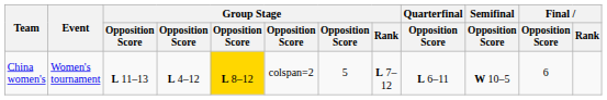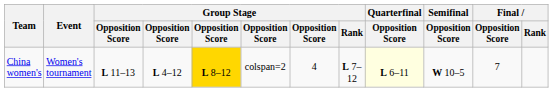 <table class="wikitable" style="font-size:90%">
 <tr>
 <th rowspan=2>Team</th>
 <th rowspan=2>Event</th>
 <th colspan=6>Group Stage</th>
 <th>Quarterfinal</th>
 <th>Semifinal</th>
 <th colspan=2>Final / </th>
 </tr>
 <tr style="font-size:95%">
 <th>Opposition<br>Score</th>
 <th>Opposition<br>Score</th>
 <th>Opposition<br>Score</th>
 <th>Opposition<br>Score</th>
 <th>Opposition<br>Score</th>
 <th>Rank</th>
 <th>Opposition<br>Score</th>
 <th>Opposition<br>Score</th>
 <th>Opposition<br>Score</th>
 <th>Rank</th>
 </tr>
 <tr align=center>
 <td align=left><a href='#'>China women's</a></td>
 <td align=left><a href='#'>Women's tournament</a></td>
 <td><br><strong>L</strong> 11–13</td>
 <td><br><strong>L</strong> 4–12</td>
 <td style="background: gold;"><br><strong>L</strong> 8–12</td>
 <td>colspan=2 </td>
-<td>5</td>
+<td>4</td>
 <td><br><strong>L</strong> 7–12</td>
-<td><br><strong>L</strong> 6–11</td>
+<td style="background: lightyellow;"><br><strong>L</strong> 6–11</td>
 <td><br><strong>W</strong> 10–5</td>
-<td>6</td>
+<td>7</td>
 </tr>
 </table>
